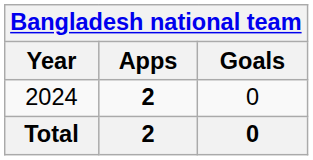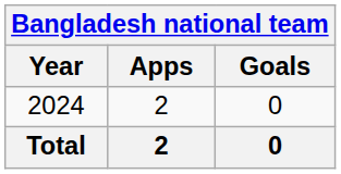 <table class=wikitable style=text-align:center>
 <tr>
 <th colspan=4><a href='#'>Bangladesh national team</a></th>
 </tr>
 <tr>
 <th>Year</th>
 <th>Apps</th>
 <th>Goals</th>
 </tr>
 <tr>
 <td>2024</td>
-<td><strong>2</strong></td>
+<td>2</td>
 <td>0</td>
 </tr>
 <tr>
 <th colspan=1>Total</th>
 <th>2</th>
 <th>0</th>
 </tr>
 </table>
